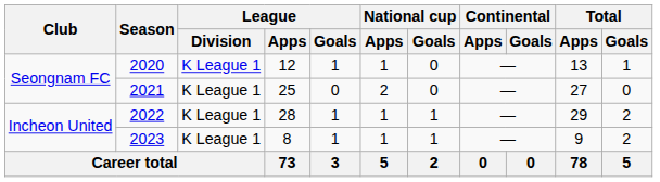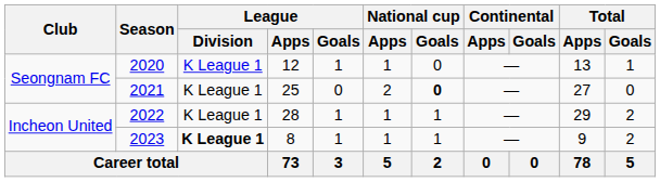 <table class=wikitable style=text-align:center>
 <tr>
 <th rowspan=2>Club</th>
 <th rowspan=2>Season</th>
 <th colspan=3>League</th>
 <th colspan=2>National cup</th>
 <th colspan=2>Continental</th>
 <th colspan=2>Total</th>
 </tr>
 <tr>
 <th>Division</th>
 <th>Apps</th>
 <th>Goals</th>
 <th>Apps</th>
 <th>Goals</th>
 <th>Apps</th>
 <th>Goals</th>
 <th>Apps</th>
 <th>Goals</th>
 </tr>
 <tr>
 <td rowspan=2><a href='#'>Seongnam FC</a></td>
 <td><a href='#'>2020</a></td>
 <td><a href='#'>K League 1</a></td>
 <td>12</td>
 <td>1</td>
 <td>1</td>
 <td>0</td>
 <td colspan=2>—</td>
 <td>13</td>
 <td>1</td>
 </tr>
 <tr>
 <td><a href='#'>2021</a></td>
 <td>K League 1</td>
 <td>25</td>
 <td>0</td>
 <td>2</td>
-<td>0</td>
+<td><strong>0</strong></td>
 <td colspan=2>—</td>
 <td>27</td>
 <td>0</td>
 </tr>
 <tr>
 <td rowspan=2><a href='#'>Incheon United</a></td>
 <td><a href='#'>2022</a></td>
 <td>K League 1</td>
 <td>28</td>
 <td>1</td>
 <td>1</td>
 <td>1</td>
 <td colspan=2>—</td>
 <td>29</td>
 <td>2</td>
 </tr>
 <tr>
 <td><a href='#'>2023</a></td>
-<td>K League 1</td>
+<td><strong>K League 1</strong></td>
 <td>8</td>
 <td>1</td>
 <td>1</td>
 <td>1</td>
 <td colspan=2>—</td>
 <td>9</td>
 <td>2</td>
 </tr>
 <tr>
 <th colspan=3>Career total</th>
 <th>73</th>
 <th>3</th>
 <th>5</th>
 <th>2</th>
 <th>0</th>
 <th>0</th>
 <th>78</th>
 <th>5</th>
 </tr>
 </table>
